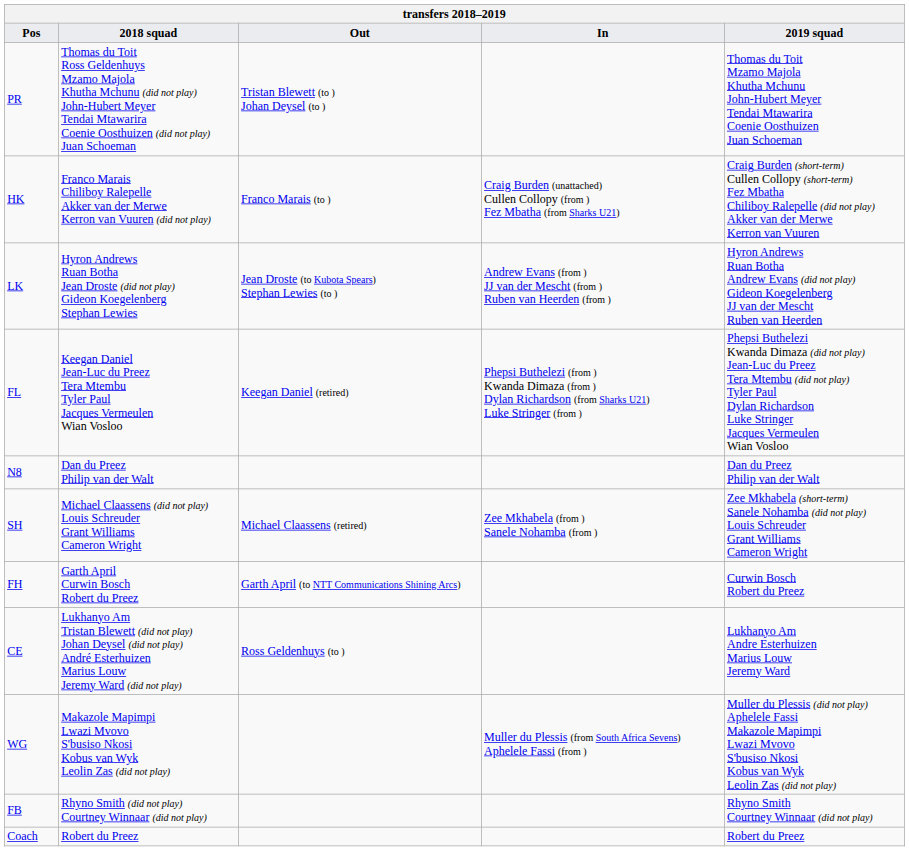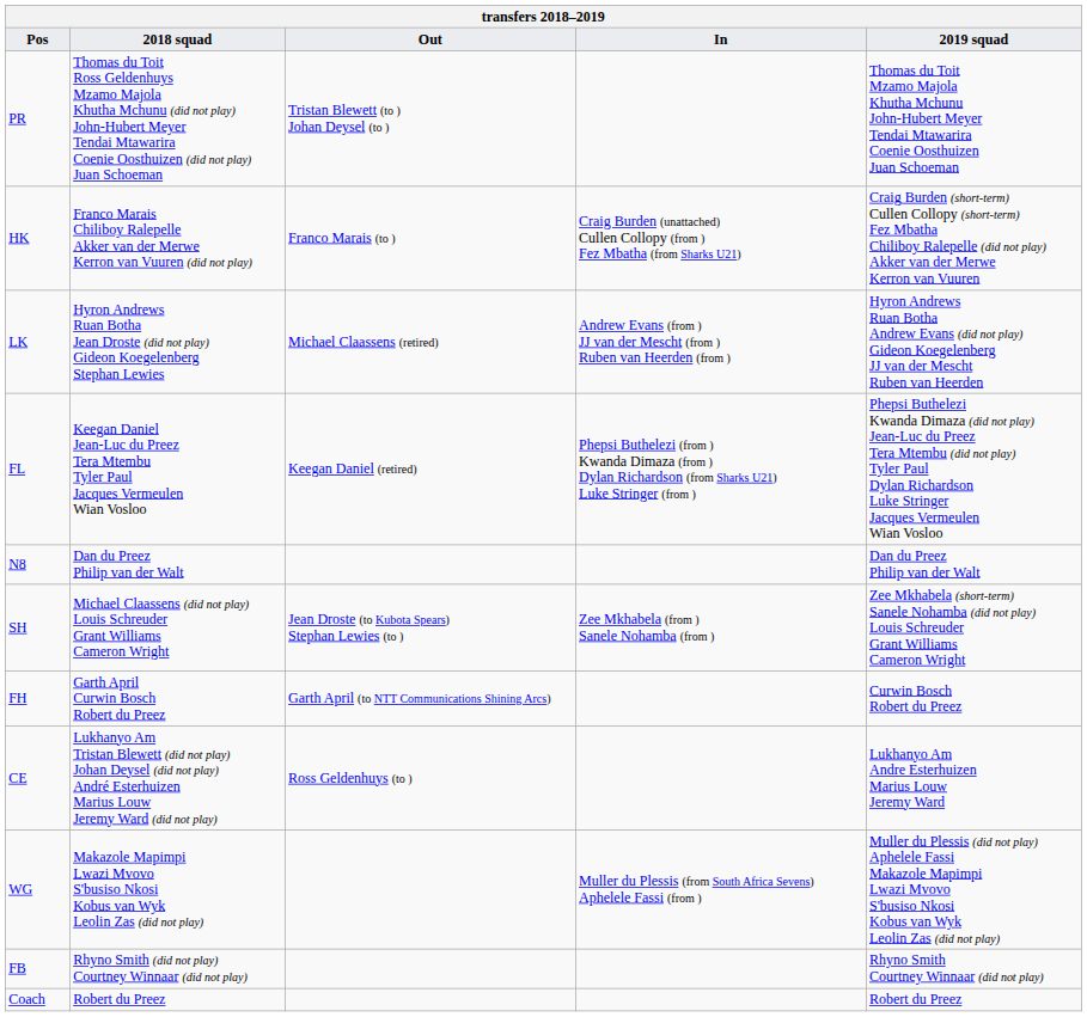 <table class="wikitable" style="text-align: left; width:95%">
 <tr>
 <th colspan="100%"> transfers 2018–2019</th>
 </tr>
 <tr>
 <th style="background:#ebecf0; width:6%;">Pos</th>
 <th style="background:#ebecf0; width:20%;">2018 squad</th>
 <th style="background:#ebecf0; width:27%;">Out</th>
 <th style="background:#ebecf0; width:27%;">In</th>
 <th style="background:#ebecf0; width:20%;">2019 squad</th>
 </tr>
 <tr>
 <td><a href='#'>PR</a></td>
 <td> <a href='#'>Thomas du Toit</a> <br> <a href='#'>Ross Geldenhuys</a> <br> <a href='#'>Mzamo Majola</a> <br> <a href='#'>Khutha Mchunu</a> <small><em>(did not play)</em></small> <br> <a href='#'>John-Hubert Meyer</a> <br> <a href='#'>Tendai Mtawarira</a> <br> <a href='#'>Coenie Oosthuizen</a> <small><em>(did not play)</em></small> <br> <a href='#'>Juan Schoeman</a></td>
 <td>  <a href='#'>Tristan Blewett</a> <small>(to )</small> <br>  <a href='#'>Johan Deysel</a> <small>(to )</small></td>
 <td></td>
 <td> <a href='#'>Thomas du Toit</a> <br> <a href='#'>Mzamo Majola</a> <br> <a href='#'>Khutha Mchunu</a> <br> <a href='#'>John-Hubert Meyer</a> <br> <a href='#'>Tendai Mtawarira</a> <br> <a href='#'>Coenie Oosthuizen</a> <br> <a href='#'>Juan Schoeman</a></td>
 </tr>
 <tr>
 <td><a href='#'>HK</a></td>
 <td> <a href='#'>Franco Marais</a> <br> <a href='#'>Chiliboy Ralepelle</a> <br> <a href='#'>Akker van der Merwe</a> <br> <a href='#'>Kerron van Vuuren</a> <small><em>(did not play)</em></small></td>
 <td>  <a href='#'>Franco Marais</a> <small>(to )</small></td>
 <td>  <a href='#'>Craig Burden</a> <small>(unattached)</small> <br>  Cullen Collopy <small>(from )</small> <br>  <a href='#'>Fez Mbatha</a> <small>(from <a href='#'>Sharks U21</a>)</small></td>
 <td> <a href='#'>Craig Burden</a> <small><em>(short-term)</em></small> <br> Cullen Collopy <small><em>(short-term)</em></small> <br> <a href='#'>Fez Mbatha</a> <br> <a href='#'>Chiliboy Ralepelle</a> <small><em>(did not play)</em></small> <br> <a href='#'>Akker van der Merwe</a> <br> <a href='#'>Kerron van Vuuren</a></td>
 </tr>
 <tr>
 <td><a href='#'>LK</a></td>
 <td> <a href='#'>Hyron Andrews</a> <br> <a href='#'>Ruan Botha</a> <br> <a href='#'>Jean Droste</a> <small><em>(did not play)</em></small> <br> <a href='#'>Gideon Koegelenberg</a> <br> <a href='#'>Stephan Lewies</a></td>
-<td>  <a href='#'>Jean Droste</a> <small>(to  <a href='#'>Kubota Spears</a>)</small> <br>  <a href='#'>Stephan Lewies</a> <small>(to )</small></td>
+<td>  <a href='#'>Michael Claassens</a> <small>(retired)</small></td>
 <td>  <a href='#'>Andrew Evans</a> <small>(from )</small> <br>  <a href='#'>JJ van der Mescht</a> <small>(from )</small> <br>  <a href='#'>Ruben van Heerden</a> <small>(from )</small></td>
 <td> <a href='#'>Hyron Andrews</a> <br> <a href='#'>Ruan Botha</a> <br> <a href='#'>Andrew Evans</a> <small><em>(did not play)</em></small> <br> <a href='#'>Gideon Koegelenberg</a> <br> <a href='#'>JJ van der Mescht</a> <br> <a href='#'>Ruben van Heerden</a></td>
 </tr>
 <tr>
 <td><a href='#'>FL</a></td>
 <td> <a href='#'>Keegan Daniel</a> <br> <a href='#'>Jean-Luc du Preez</a> <br> <a href='#'>Tera Mtembu</a> <br> <a href='#'>Tyler Paul</a> <br> <a href='#'>Jacques Vermeulen</a> <br> Wian Vosloo</td>
 <td>  <a href='#'>Keegan Daniel</a> <small>(retired)</small></td>
 <td>  <a href='#'>Phepsi Buthelezi</a> <small>(from )</small> <br>  Kwanda Dimaza <small>(from )</small> <br>  <a href='#'>Dylan Richardson</a> <small>(from <a href='#'>Sharks U21</a>)</small> <br>  <a href='#'>Luke Stringer</a> <small>(from )</small></td>
 <td> <a href='#'>Phepsi Buthelezi</a> <br> Kwanda Dimaza <small><em>(did not play)</em></small> <br> <a href='#'>Jean-Luc du Preez</a> <br> <a href='#'>Tera Mtembu</a> <small><em>(did not play)</em></small> <br> <a href='#'>Tyler Paul</a> <br> <a href='#'>Dylan Richardson</a> <br> <a href='#'>Luke Stringer</a> <br> <a href='#'>Jacques Vermeulen</a> <br> Wian Vosloo</td>
 </tr>
 <tr>
 <td><a href='#'>N8</a></td>
 <td> <a href='#'>Dan du Preez</a> <br> <a href='#'>Philip van der Walt</a></td>
 <td></td>
 <td></td>
 <td> <a href='#'>Dan du Preez</a> <br> <a href='#'>Philip van der Walt</a></td>
 </tr>
 <tr>
 <td><a href='#'>SH</a></td>
 <td> <a href='#'>Michael Claassens</a> <small><em>(did not play)</em></small> <br> <a href='#'>Louis Schreuder</a> <br> <a href='#'>Grant Williams</a> <br> <a href='#'>Cameron Wright</a></td>
-<td>  <a href='#'>Michael Claassens</a> <small>(retired)</small></td>
+<td>  <a href='#'>Jean Droste</a> <small>(to  <a href='#'>Kubota Spears</a>)</small> <br>  <a href='#'>Stephan Lewies</a> <small>(to )</small></td>
 <td>  <a href='#'>Zee Mkhabela</a> <small>(from )</small> <br>  <a href='#'>Sanele Nohamba</a> <small>(from )</small></td>
 <td> <a href='#'>Zee Mkhabela</a> <small><em>(short-term)</em></small> <br> <a href='#'>Sanele Nohamba</a> <small><em>(did not play)</em></small> <br> <a href='#'>Louis Schreuder</a> <br> <a href='#'>Grant Williams</a> <br> <a href='#'>Cameron Wright</a></td>
 </tr>
 <tr>
 <td><a href='#'>FH</a></td>
 <td> <a href='#'>Garth April</a> <br> <a href='#'>Curwin Bosch</a> <br> <a href='#'>Robert du Preez</a></td>
 <td>  <a href='#'>Garth April</a> <small>(to  <a href='#'>NTT Communications Shining Arcs</a>)</small></td>
 <td></td>
 <td> <a href='#'>Curwin Bosch</a> <br> <a href='#'>Robert du Preez</a></td>
 </tr>
 <tr>
 <td><a href='#'>CE</a></td>
 <td> <a href='#'>Lukhanyo Am</a> <br> <a href='#'>Tristan Blewett</a> <small><em>(did not play)</em></small> <br> <a href='#'>Johan Deysel</a> <small><em>(did not play)</em></small> <br> <a href='#'>André Esterhuizen</a> <br> <a href='#'>Marius Louw</a> <br> <a href='#'>Jeremy Ward</a> <small><em>(did not play)</em></small></td>
 <td>  <a href='#'>Ross Geldenhuys</a> <small>(to )</small></td>
 <td></td>
 <td> <a href='#'>Lukhanyo Am</a> <br> <a href='#'>Andre Esterhuizen</a> <br> <a href='#'>Marius Louw</a> <br> <a href='#'>Jeremy Ward</a></td>
 </tr>
 <tr>
 <td><a href='#'>WG</a></td>
 <td> <a href='#'>Makazole Mapimpi</a> <br> <a href='#'>Lwazi Mvovo</a> <br> <a href='#'>S'busiso Nkosi</a> <br> <a href='#'>Kobus van Wyk</a> <br> <a href='#'>Leolin Zas</a> <small><em>(did not play)</em></small></td>
 <td></td>
 <td>  <a href='#'>Muller du Plessis</a> <small>(from <a href='#'>South Africa Sevens</a>)</small> <br>  <a href='#'>Aphelele Fassi</a> <small>(from )</small></td>
 <td> <a href='#'>Muller du Plessis</a> <small><em>(did not play)</em></small> <br> <a href='#'>Aphelele Fassi</a> <br> <a href='#'>Makazole Mapimpi</a> <br> <a href='#'>Lwazi Mvovo</a> <br> <a href='#'>S'busiso Nkosi</a> <br> <a href='#'>Kobus van Wyk</a> <br> <a href='#'>Leolin Zas</a> <small><em>(did not play)</em></small></td>
 </tr>
 <tr>
 <td><a href='#'>FB</a></td>
 <td> <a href='#'>Rhyno Smith</a> <small><em>(did not play)</em></small> <br> <a href='#'>Courtney Winnaar</a> <small><em>(did not play)</em></small></td>
 <td></td>
 <td></td>
 <td> <a href='#'>Rhyno Smith</a> <br> <a href='#'>Courtney Winnaar</a> <small><em>(did not play)</em></small></td>
 </tr>
 <tr>
 <td><a href='#'>Coach</a></td>
 <td> <a href='#'>Robert du Preez</a></td>
 <td></td>
 <td></td>
 <td> <a href='#'>Robert du Preez</a></td>
 </tr>
 </table>
